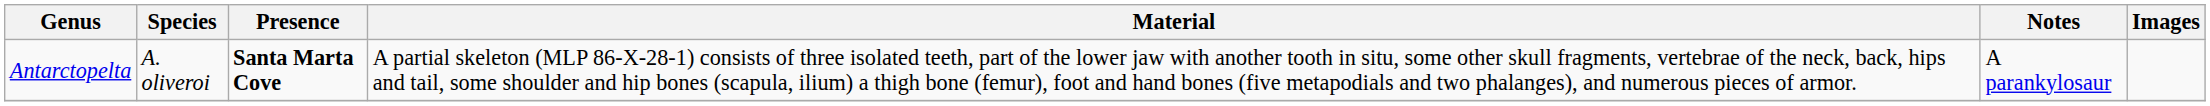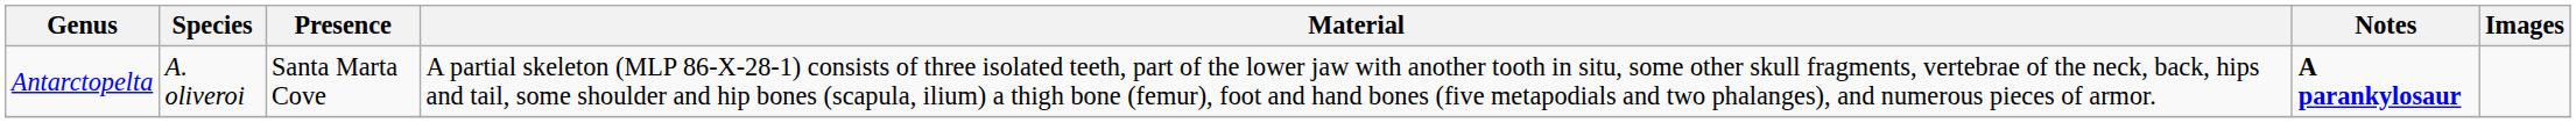 <table class="wikitable sortable"  style="margin:auto; width:100%;">
 <tr>
 <th>Genus</th>
 <th>Species</th>
 <th>Presence</th>
 <th>Material</th>
 <th>Notes</th>
 <th>Images</th>
 </tr>
 <tr>
 <td><em><a href='#'>Antarctopelta</a></em></td>
 <td><em>A. oliveroi</em></td>
-<td><strong>Santa Marta Cove</strong></td>
+<td>Santa Marta Cove</td>
 <td>A partial skeleton (MLP 86-X-28-1) consists of three isolated teeth, part of the lower jaw with another tooth in situ, some other skull fragments, vertebrae of the neck, back, hips and tail, some shoulder and hip bones (scapula, ilium) a thigh bone (femur), foot and hand bones (five metapodials and two phalanges), and numerous pieces of armor.</td>
-<td>A <a href='#'>parankylosaur</a></td>
+<td><strong>A <a href='#'>parankylosaur</a></strong></td>
 <td></td>
 </tr>
 <tr>
 </tr>
 </table>
